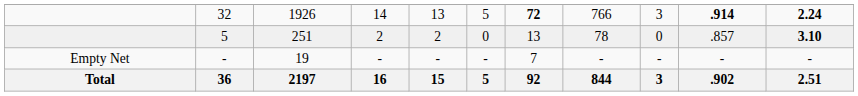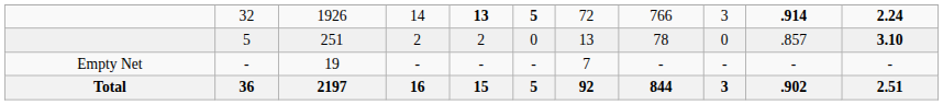 <table class="wikitable sortable" width ="1000">
 <tr align="center">
 </tr>
 <tr align="center" bgcolor="">
 <td></td>
 <td>32</td>
 <td>1926</td>
 <td>14</td>
-<td>13</td>
-<td>5</td>
-<td><strong>72</strong></td>
+<td><strong>13</strong></td>
+<td><strong>5</strong></td>
+<td>72</td>
 <td>766</td>
 <td>3</td>
 <td><strong>.914</strong></td>
 <td><strong>2.24</strong></td>
 </tr>
 <tr align="center" bgcolor="f0f0f0">
 <td></td>
 <td>5</td>
 <td>251</td>
 <td>2</td>
 <td>2</td>
 <td>0</td>
 <td>13</td>
 <td>78</td>
 <td>0</td>
 <td>.857</td>
 <td><strong>3.10</strong></td>
 </tr>
 <tr align="center" bgcolor="">
 <td>Empty Net</td>
 <td>-</td>
 <td>19</td>
 <td>-</td>
 <td>-</td>
 <td>-</td>
 <td>7</td>
 <td>-</td>
 <td>-</td>
 <td>-</td>
 <td>-</td>
 </tr>
 <tr>
 <th>Total</th>
 <th>36</th>
 <th>2197</th>
 <th>16</th>
 <th>15</th>
 <th>5</th>
 <th>92</th>
 <th>844</th>
 <th>3</th>
 <th>.902</th>
 <th>2.51</th>
 </tr>
 </table>
